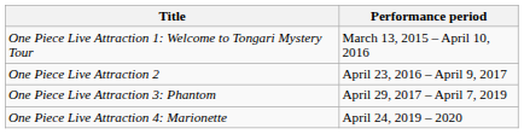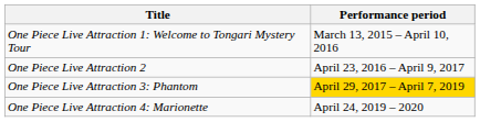 <table class="wikitable">
 <tr>
 <th>Title</th>
 <th>Performance period</th>
 </tr>
 <tr>
 <td><em>One Piece Live Attraction 1: Welcome to Tongari Mystery Tour</em></td>
 <td>March 13, 2015 – April 10, 2016</td>
 </tr>
 <tr>
 <td><em>One Piece Live Attraction 2</em></td>
 <td>April 23, 2016 – April 9, 2017</td>
 </tr>
 <tr>
 <td><em>One Piece Live Attraction 3: Phantom</em></td>
-<td>April 29, 2017 – April 7, 2019</td>
+<td style="background: gold;">April 29, 2017 – April 7, 2019</td>
 </tr>
 <tr>
 <td><em>One Piece Live Attraction 4: Marionette</em></td>
 <td>April 24, 2019 – 2020</td>
 </tr>
 </table>
